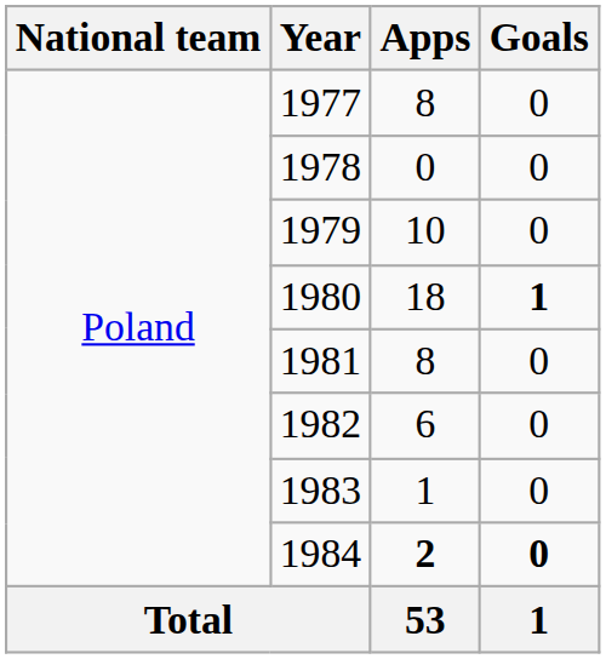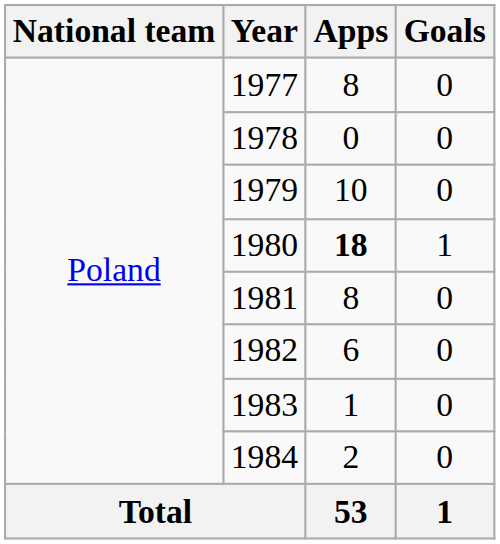 <table class="wikitable" style="text-align:center">
 <tr>
 <th>National team</th>
 <th>Year</th>
 <th>Apps</th>
 <th>Goals</th>
 </tr>
 <tr>
 <td rowspan="8"><a href='#'>Poland</a></td>
 <td>1977</td>
 <td>8</td>
 <td>0</td>
 </tr>
 <tr>
 <td>1978</td>
 <td>0</td>
 <td>0</td>
 </tr>
 <tr>
 <td>1979</td>
 <td>10</td>
 <td>0</td>
 </tr>
 <tr>
 <td>1980</td>
-<td>18</td>
-<td><strong>1</strong></td>
+<td><strong>18</strong></td>
+<td>1</td>
 </tr>
 <tr>
 <td>1981</td>
 <td>8</td>
 <td>0</td>
 </tr>
 <tr>
 <td>1982</td>
 <td>6</td>
 <td>0</td>
 </tr>
 <tr>
 <td>1983</td>
 <td>1</td>
 <td>0</td>
 </tr>
 <tr>
 <td>1984</td>
-<td><strong>2</strong></td>
-<td><strong>0</strong></td>
+<td>2</td>
+<td>0</td>
 </tr>
 <tr>
 <th colspan="2">Total</th>
 <th>53</th>
 <th>1</th>
 </tr>
 </table>
